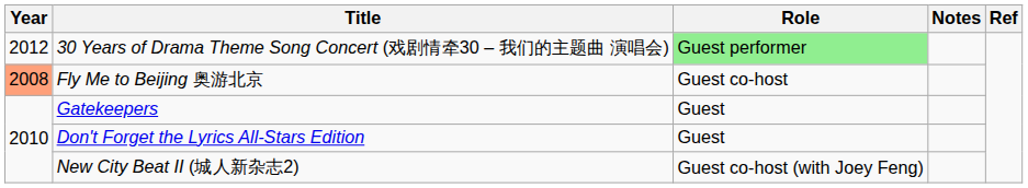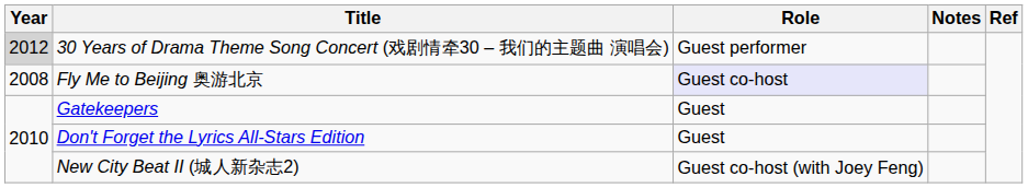 <table class="wikitable sortable">
 <tr>
 <th>Year</th>
 <th>Title</th>
 <th>Role</th>
 <th class="unsortable">Notes</th>
 <th class="unsortable">Ref</th>
 </tr>
 <tr>
-<td>2012</td>
+<td style="background: lightgrey;">2012</td>
 <td><em>30 Years of Drama Theme Song Concert</em> (戏剧情牵30 – 我们的主题曲 演唱会)</td>
-<td style="background: lightgreen;">Guest performer</td>
+<td>Guest performer</td>
 <td></td>
 </tr>
 <tr>
-<td style="background: lightsalmon;">2008</td>
+<td>2008</td>
 <td><em>Fly Me to Beijing</em> 奥游北京</td>
-<td>Guest co-host</td>
+<td style="background: lavender;">Guest co-host</td>
 <td></td>
 </tr>
 <tr>
 <td rowspan="3">2010</td>
 <td><em><a href='#'>Gatekeepers</a></em></td>
 <td>Guest</td>
 <td></td>
 </tr>
 <tr>
 <td><em><a href='#'>Don't Forget the Lyrics All-Stars Edition</a></em></td>
 <td>Guest</td>
 <td></td>
 </tr>
 <tr>
 <td><em>New City Beat II</em> (城人新杂志2)</td>
 <td>Guest co-host (with Joey Feng)</td>
 <td></td>
 </tr>
 </table>
